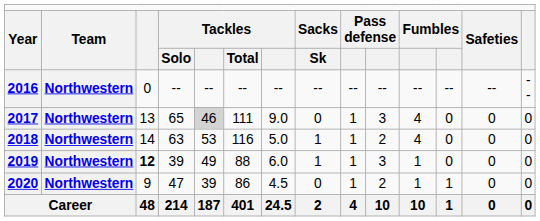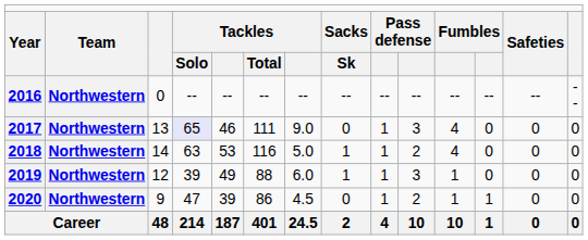 <table class= "wikitable" float="left" border="1" style="text-align:center; width:45%;">
 <tr>
 <td ! colspan="22"></td>
 </tr>
 <tr>
 <th rowspan=2>Year</th>
 <th rowspan=2>Team</th>
 <th rowspan=2></th>
 <th colspan=4>Tackles</th>
 <th>Sacks</th>
 <th colspan=2>Pass defense</th>
 <th colspan=2>Fumbles</th>
 <th rowspan=2>Safeties</th>
 <th rowspan=2></th>
 </tr>
 <tr>
 <th>Solo</th>
 <th></th>
 <th>Total</th>
 <th></th>
 <th>Sk</th>
 <th></th>
 <th></th>
 <th></th>
 <th></th>
 </tr>
 <tr>
 <th><a href='#'>2016</a></th>
 <th><a href='#'>Northwestern</a></th>
 <td>0</td>
 <td>--</td>
 <td>--</td>
 <td>--</td>
 <td>--</td>
 <td>--</td>
 <td>--</td>
 <td>--</td>
 <td>--</td>
 <td>--</td>
 <td>--</td>
 <td>--</td>
 </tr>
 <tr>
 <th><a href='#'>2017</a></th>
 <th><a href='#'>Northwestern</a></th>
 <td>13</td>
-<td>65</td>
-<td style="background: lightgrey;">46</td>
+<td style="background: lavender;">65</td>
+<td>46</td>
 <td>111</td>
 <td>9.0</td>
 <td>0</td>
 <td>1</td>
 <td>3</td>
 <td>4</td>
 <td>0</td>
 <td>0</td>
 <td>0</td>
 </tr>
 <tr>
 <th><a href='#'>2018</a></th>
 <th><a href='#'>Northwestern</a></th>
 <td>14</td>
 <td>63</td>
 <td>53</td>
 <td>116</td>
 <td>5.0</td>
 <td>1</td>
 <td>1</td>
 <td>2</td>
 <td>4</td>
 <td>0</td>
 <td>0</td>
 <td>0</td>
 </tr>
 <tr>
 <th><a href='#'>2019</a></th>
 <th><a href='#'>Northwestern</a></th>
-<td><strong>12</strong></td>
+<td>12</td>
 <td>39</td>
 <td>49</td>
 <td>88</td>
 <td>6.0</td>
 <td>1</td>
 <td>1</td>
 <td>3</td>
 <td>1</td>
 <td>0</td>
 <td>0</td>
 <td>0</td>
 </tr>
 <tr>
 <th><a href='#'>2020</a></th>
 <th><a href='#'>Northwestern</a></th>
 <td>9</td>
 <td>47</td>
 <td>39</td>
 <td>86</td>
 <td>4.5</td>
 <td>0</td>
 <td>1</td>
 <td>2</td>
 <td>1</td>
 <td>1</td>
 <td>0</td>
 <td>0</td>
 </tr>
 <tr>
 <th colspan="2">Career</th>
 <th>48</th>
 <th>214</th>
 <th>187</th>
 <th>401</th>
 <th>24.5</th>
 <th>2</th>
 <th>4</th>
 <th>10</th>
 <th>10</th>
 <th>1</th>
 <th>0</th>
 <th>0</th>
 </tr>
 </table>
